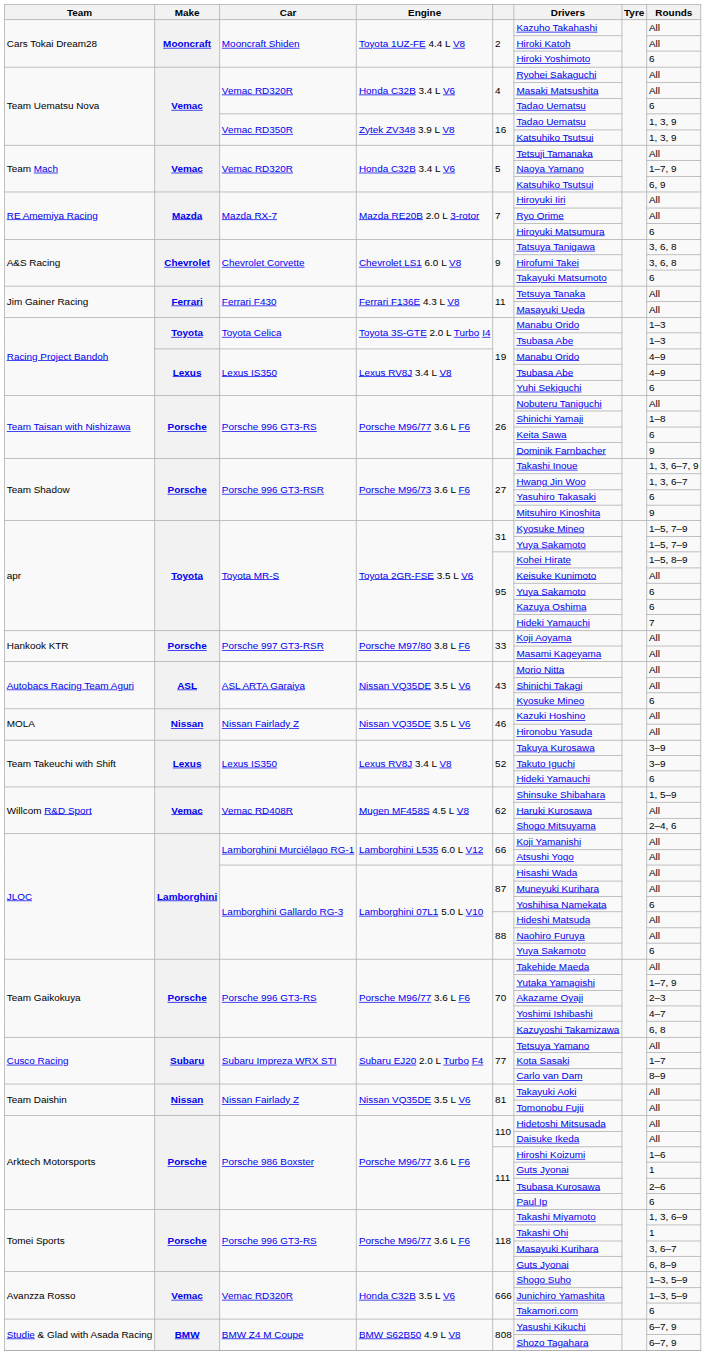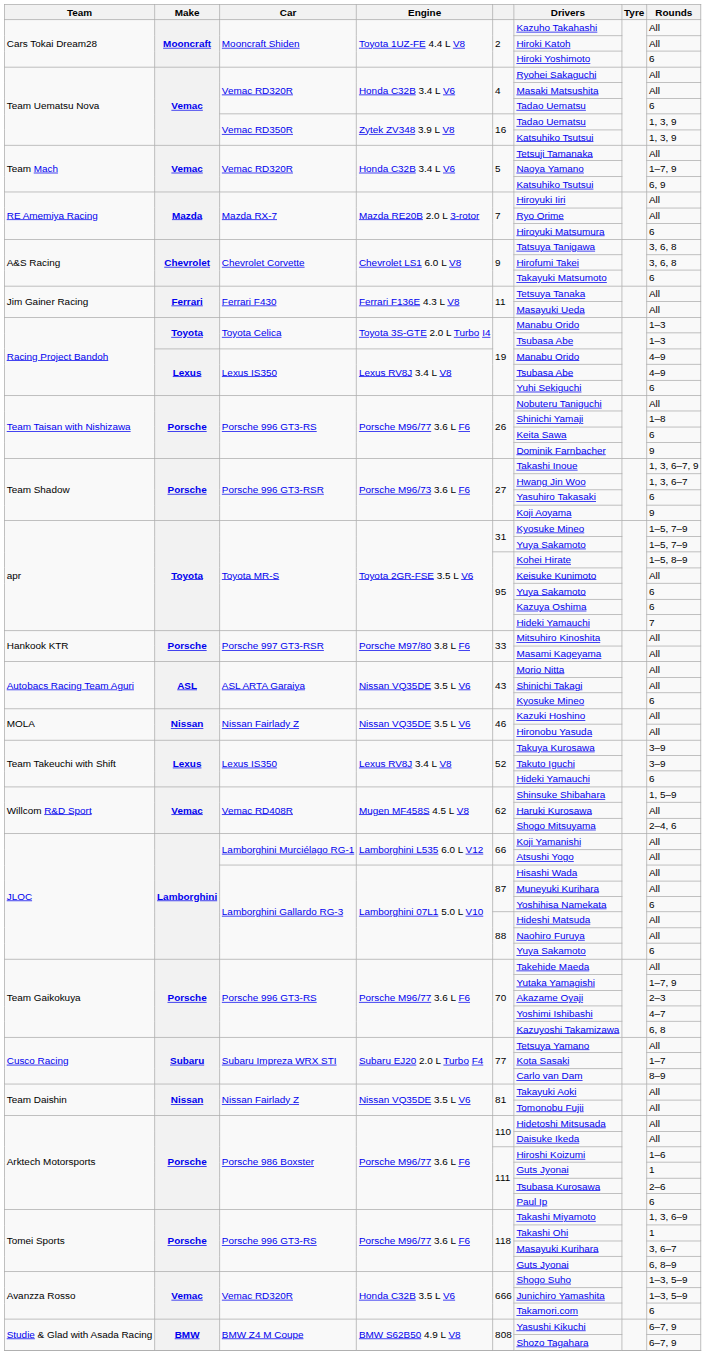 <table class="wikitable" style="font-size: 85%">
 <tr>
 <th>Team</th>
 <th>Make</th>
 <th>Car</th>
 <th>Engine</th>
 <th></th>
 <th>Drivers</th>
 <th>Tyre</th>
 <th>Rounds</th>
 </tr>
 <tr>
 <td rowspan=3>Cars Tokai Dream28</td>
 <th rowspan=3><a href='#'>Mooncraft</a></th>
 <td rowspan=3><a href='#'>Mooncraft Shiden</a></td>
 <td rowspan=3><a href='#'>Toyota 1UZ-FE</a> 4.4 L <a href='#'>V8</a></td>
 <td rowspan=3>2</td>
 <td> <a href='#'>Kazuho Takahashi</a></td>
 <td align=center rowspan=3></td>
 <td>All</td>
 </tr>
 <tr>
 <td> <a href='#'>Hiroki Katoh</a></td>
 <td>All</td>
 </tr>
 <tr>
 <td> <a href='#'>Hiroki Yoshimoto</a></td>
 <td>6</td>
 </tr>
 <tr>
 <td rowspan=5>Team Uematsu Nova</td>
 <th rowspan=5><a href='#'>Vemac</a></th>
 <td rowspan=3><a href='#'>Vemac RD320R</a></td>
 <td rowspan=3><a href='#'>Honda C32B</a> 3.4 L <a href='#'>V6</a></td>
 <td rowspan=3>4</td>
 <td> <a href='#'>Ryohei Sakaguchi</a></td>
 <td rowspan=5 align="center"></td>
 <td>All</td>
 </tr>
 <tr>
 <td> <a href='#'>Masaki Matsushita</a></td>
 <td>All</td>
 </tr>
 <tr>
 <td> <a href='#'>Tadao Uematsu</a></td>
 <td>6</td>
 </tr>
 <tr>
 <td rowspan=2><a href='#'>Vemac RD350R</a></td>
 <td rowspan=2><a href='#'>Zytek ZV348</a> 3.9 L <a href='#'>V8</a></td>
 <td rowspan=2>16</td>
 <td> <a href='#'>Tadao Uematsu</a></td>
 <td>1, 3, 9</td>
 </tr>
 <tr>
 <td> <a href='#'>Katsuhiko Tsutsui</a></td>
 <td>1, 3, 9</td>
 </tr>
 <tr>
 <td rowspan=3>Team <a href='#'>Mach</a></td>
 <th rowspan=3><a href='#'>Vemac</a></th>
 <td rowspan=3><a href='#'>Vemac RD320R</a></td>
 <td rowspan=3><a href='#'>Honda C32B</a> 3.4 L <a href='#'>V6</a></td>
 <td rowspan=3>5</td>
 <td> <a href='#'>Tetsuji Tamanaka</a></td>
 <td align="center" rowspan=3></td>
 <td>All</td>
 </tr>
 <tr>
 <td> <a href='#'>Naoya Yamano</a></td>
 <td>1–7, 9</td>
 </tr>
 <tr>
 <td> <a href='#'>Katsuhiko Tsutsui</a></td>
 <td>6, 9</td>
 </tr>
 <tr>
 <td rowspan=3><a href='#'>RE Amemiya Racing</a></td>
 <th rowspan=3><a href='#'>Mazda</a></th>
 <td rowspan=3><a href='#'>Mazda RX-7</a></td>
 <td rowspan=3><a href='#'>Mazda RE20B</a> 2.0 L <a href='#'>3-rotor</a></td>
 <td rowspan=3>7</td>
 <td> <a href='#'>Hiroyuki Iiri</a></td>
 <td align="center" rowspan=3></td>
 <td>All</td>
 </tr>
 <tr>
 <td> <a href='#'>Ryo Orime</a></td>
 <td>All</td>
 </tr>
 <tr>
 <td> <a href='#'>Hiroyuki Matsumura</a></td>
 <td>6</td>
 </tr>
 <tr>
 <td rowspan=3>A&S Racing</td>
 <th rowspan=3><a href='#'>Chevrolet</a></th>
 <td rowspan=3><a href='#'>Chevrolet Corvette</a></td>
 <td rowspan=3><a href='#'>Chevrolet LS1</a> 6.0 L <a href='#'>V8</a></td>
 <td rowspan=3>9</td>
 <td> <a href='#'>Tatsuya Tanigawa</a></td>
 <td rowspan=3 align="center"></td>
 <td>3, 6, 8</td>
 </tr>
 <tr>
 <td> <a href='#'>Hirofumi Takei</a></td>
 <td>3, 6, 8</td>
 </tr>
 <tr>
 <td> <a href='#'>Takayuki Matsumoto</a></td>
 <td>6</td>
 </tr>
 <tr>
 <td rowspan=2>Jim Gainer Racing</td>
 <th rowspan=2><a href='#'>Ferrari</a></th>
 <td rowspan=2><a href='#'>Ferrari F430</a></td>
 <td rowspan=2><a href='#'>Ferrari F136E</a> 4.3 L <a href='#'>V8</a></td>
 <td rowspan=2>11</td>
 <td> <a href='#'>Tetsuya Tanaka</a></td>
 <td rowspan=2 align="center"></td>
 <td>All</td>
 </tr>
 <tr>
 <td> <a href='#'>Masayuki Ueda</a></td>
 <td>All</td>
 </tr>
 <tr>
 <td rowspan=5><a href='#'>Racing Project Bandoh</a></td>
 <th rowspan=2><a href='#'>Toyota</a></th>
 <td rowspan=2><a href='#'>Toyota Celica</a></td>
 <td rowspan=2><a href='#'>Toyota 3S-GTE</a> 2.0 L <a href='#'>Turbo</a> <a href='#'>I4</a></td>
 <td rowspan=5>19</td>
 <td> <a href='#'>Manabu Orido</a></td>
 <td rowspan=5 align="center"></td>
 <td>1–3</td>
 </tr>
 <tr>
 <td> <a href='#'>Tsubasa Abe</a></td>
 <td>1–3</td>
 </tr>
 <tr>
 <th rowspan=3><a href='#'>Lexus</a></th>
 <td rowspan=3><a href='#'>Lexus IS350</a></td>
 <td rowspan=3><a href='#'>Lexus RV8J</a> 3.4 L <a href='#'>V8</a></td>
 <td> <a href='#'>Manabu Orido</a></td>
 <td>4–9</td>
 </tr>
 <tr>
 <td> <a href='#'>Tsubasa Abe</a></td>
 <td>4–9</td>
 </tr>
 <tr>
 <td> <a href='#'>Yuhi Sekiguchi</a></td>
 <td>6</td>
 </tr>
 <tr>
 <td rowspan=4><a href='#'>Team Taisan with Nishizawa</a></td>
 <th rowspan=4><a href='#'>Porsche</a></th>
 <td rowspan=4><a href='#'>Porsche 996 GT3-RS</a></td>
 <td rowspan=4><a href='#'>Porsche M96/77</a> 3.6 L <a href='#'>F6</a></td>
 <td rowspan=4>26</td>
 <td> <a href='#'>Nobuteru Taniguchi</a></td>
 <td rowspan=4 align="center"></td>
 <td>All</td>
 </tr>
 <tr>
 <td> <a href='#'>Shinichi Yamaji</a></td>
 <td>1–8</td>
 </tr>
 <tr>
 <td> <a href='#'>Keita Sawa</a></td>
 <td>6</td>
 </tr>
 <tr>
 <td> <a href='#'>Dominik Farnbacher</a></td>
 <td>9</td>
 </tr>
 <tr>
 <td rowspan=4>Team Shadow</td>
 <th rowspan=4><a href='#'>Porsche</a></th>
 <td rowspan=4><a href='#'>Porsche 996 GT3-RSR</a></td>
 <td rowspan=4><a href='#'>Porsche M96/73</a> 3.6 L <a href='#'>F6</a></td>
 <td rowspan=4>27</td>
 <td> <a href='#'>Takashi Inoue</a></td>
 <td rowspan=4 align="center"></td>
 <td>1, 3, 6–7, 9</td>
 </tr>
 <tr>
 <td> <a href='#'>Hwang Jin Woo</a></td>
 <td>1, 3, 6–7</td>
 </tr>
 <tr>
 <td> <a href='#'>Yasuhiro Takasaki</a></td>
 <td>6</td>
 </tr>
 <tr>
-<td> <a href='#'>Mitsuhiro Kinoshita</a></td>
+<td> <a href='#'>Koji Aoyama</a></td>
 <td>9</td>
 </tr>
 <tr>
 <td rowspan=7>apr</td>
 <th rowspan=7><a href='#'>Toyota</a></th>
 <td rowspan=7><a href='#'>Toyota MR-S</a></td>
 <td rowspan=7><a href='#'>Toyota 2GR-FSE</a> 3.5 L <a href='#'>V6</a></td>
 <td rowspan=2>31</td>
 <td> <a href='#'>Kyosuke Mineo</a></td>
 <td rowspan=7 align="center"></td>
 <td>1–5, 7–9</td>
 </tr>
 <tr>
 <td> <a href='#'>Yuya Sakamoto</a></td>
 <td>1–5, 7–9</td>
 </tr>
 <tr>
 <td rowspan=5>95</td>
 <td> <a href='#'>Kohei Hirate</a></td>
 <td>1–5, 8–9</td>
 </tr>
 <tr>
 <td> <a href='#'>Keisuke Kunimoto</a></td>
 <td>All</td>
 </tr>
 <tr>
 <td> <a href='#'>Yuya Sakamoto</a></td>
 <td>6</td>
 </tr>
 <tr>
 <td> <a href='#'>Kazuya Oshima</a></td>
 <td>6</td>
 </tr>
 <tr>
 <td> <a href='#'>Hideki Yamauchi</a></td>
 <td>7</td>
 </tr>
 <tr>
 <td rowspan=2>Hankook KTR</td>
 <th rowspan=2><a href='#'>Porsche</a></th>
 <td rowspan=2><a href='#'>Porsche 997 GT3-RSR</a></td>
 <td rowspan=2><a href='#'>Porsche M97/80</a> 3.8 L <a href='#'>F6</a></td>
 <td rowspan=2>33</td>
-<td> <a href='#'>Koji Aoyama</a></td>
+<td> <a href='#'>Mitsuhiro Kinoshita</a></td>
 <td rowspan=2 align="center"></td>
 <td>All</td>
 </tr>
 <tr>
 <td> <a href='#'>Masami Kageyama</a></td>
 <td>All</td>
 </tr>
 <tr>
 <td rowspan=3><a href='#'>Autobacs Racing Team Aguri</a></td>
 <th rowspan=3><a href='#'>ASL</a></th>
 <td rowspan=3><a href='#'>ASL ARTA Garaiya</a></td>
 <td rowspan=3><a href='#'>Nissan VQ35DE</a> 3.5 L <a href='#'>V6</a></td>
 <td rowspan=3>43</td>
 <td> <a href='#'>Morio Nitta</a></td>
 <td rowspan=3 align="center"></td>
 <td>All</td>
 </tr>
 <tr>
 <td> <a href='#'>Shinichi Takagi</a></td>
 <td>All</td>
 </tr>
 <tr>
 <td> <a href='#'>Kyosuke Mineo</a></td>
 <td>6</td>
 </tr>
 <tr>
 <td rowspan=2>MOLA</td>
 <th rowspan=2><a href='#'>Nissan</a></th>
 <td rowspan=2><a href='#'>Nissan Fairlady Z</a></td>
 <td rowspan=2><a href='#'>Nissan VQ35DE</a> 3.5 L <a href='#'>V6</a></td>
 <td rowspan=2>46</td>
 <td> <a href='#'>Kazuki Hoshino</a></td>
 <td rowspan=2 align="center"></td>
 <td>All</td>
 </tr>
 <tr>
 <td> <a href='#'>Hironobu Yasuda</a></td>
 <td>All</td>
 </tr>
 <tr>
 <td rowspan=3>Team Takeuchi with Shift</td>
 <th rowspan=3><a href='#'>Lexus</a></th>
 <td rowspan=3><a href='#'>Lexus IS350</a></td>
 <td rowspan=3><a href='#'>Lexus RV8J</a> 3.4 L <a href='#'>V8</a></td>
 <td rowspan=3>52</td>
 <td> <a href='#'>Takuya Kurosawa</a></td>
 <td rowspan=3 align="center"></td>
 <td>3–9</td>
 </tr>
 <tr>
 <td> <a href='#'>Takuto Iguchi</a></td>
 <td>3–9</td>
 </tr>
 <tr>
 <td> <a href='#'>Hideki Yamauchi</a></td>
 <td>6</td>
 </tr>
 <tr>
 <td rowspan=3>Willcom <a href='#'>R&D Sport</a></td>
 <th rowspan=3><a href='#'>Vemac</a></th>
 <td rowspan=3><a href='#'>Vemac RD408R</a></td>
 <td rowspan=3><a href='#'>Mugen MF458S</a> 4.5 L <a href='#'>V8</a></td>
 <td rowspan=3>62</td>
 <td> <a href='#'>Shinsuke Shibahara</a></td>
 <td rowspan=3 align="center"></td>
 <td>1, 5–9</td>
 </tr>
 <tr>
 <td> <a href='#'>Haruki Kurosawa</a></td>
 <td>All</td>
 </tr>
 <tr>
 <td> <a href='#'>Shogo Mitsuyama</a></td>
 <td>2–4, 6</td>
 </tr>
 <tr>
 <td rowspan=8><a href='#'>JLOC</a></td>
 <th rowspan=8><a href='#'>Lamborghini</a></th>
 <td rowspan=2><a href='#'>Lamborghini Murciélago RG-1</a></td>
 <td rowspan=2><a href='#'>Lamborghini L535</a> 6.0 L <a href='#'>V12</a></td>
 <td rowspan=2>66</td>
 <td> <a href='#'>Koji Yamanishi</a></td>
 <td rowspan=8 align="center"></td>
 <td>All</td>
 </tr>
 <tr>
 <td> <a href='#'>Atsushi Yogo</a></td>
 <td>All</td>
 </tr>
 <tr>
 <td rowspan=6><a href='#'>Lamborghini Gallardo RG-3</a></td>
 <td rowspan=6><a href='#'>Lamborghini 07L1</a> 5.0 L <a href='#'>V10</a></td>
 <td rowspan=3>87</td>
 <td> <a href='#'>Hisashi Wada</a></td>
 <td>All</td>
 </tr>
 <tr>
 <td> <a href='#'>Muneyuki Kurihara</a></td>
 <td>All</td>
 </tr>
 <tr>
 <td> <a href='#'>Yoshihisa Namekata</a></td>
 <td>6</td>
 </tr>
 <tr>
 <td rowspan=3>88</td>
 <td> <a href='#'>Hideshi Matsuda</a></td>
 <td>All</td>
 </tr>
 <tr>
 <td> <a href='#'>Naohiro Furuya</a></td>
 <td>All</td>
 </tr>
 <tr>
 <td> <a href='#'>Yuya Sakamoto</a></td>
 <td>6</td>
 </tr>
 <tr>
 <td rowspan=5>Team Gaikokuya</td>
 <th rowspan=5><a href='#'>Porsche</a></th>
 <td rowspan=5><a href='#'>Porsche 996 GT3-RS</a></td>
 <td rowspan=5><a href='#'>Porsche M96/77</a> 3.6 L <a href='#'>F6</a></td>
 <td rowspan=5>70</td>
 <td> <a href='#'>Takehide Maeda</a></td>
 <td rowspan=5 align="center"></td>
 <td>All</td>
 </tr>
 <tr>
 <td> <a href='#'>Yutaka Yamagishi</a></td>
 <td>1–7, 9</td>
 </tr>
 <tr>
 <td> <a href='#'>Akazame Oyaji</a></td>
 <td>2–3</td>
 </tr>
 <tr>
 <td> <a href='#'>Yoshimi Ishibashi</a></td>
 <td>4–7</td>
 </tr>
 <tr>
 <td> <a href='#'>Kazuyoshi Takamizawa</a></td>
 <td>6, 8</td>
 </tr>
 <tr>
 <td rowspan=3><a href='#'>Cusco Racing</a></td>
 <th rowspan=3><a href='#'>Subaru</a></th>
 <td rowspan=3><a href='#'>Subaru Impreza WRX STI</a></td>
 <td rowspan=3><a href='#'>Subaru EJ20</a> 2.0 L <a href='#'>Turbo</a> <a href='#'>F4</a></td>
 <td rowspan=3>77</td>
 <td> <a href='#'>Tetsuya Yamano</a></td>
 <td rowspan=3 align="center"></td>
 <td>All</td>
 </tr>
 <tr>
 <td> <a href='#'>Kota Sasaki</a></td>
 <td>1–7</td>
 </tr>
 <tr>
 <td> <a href='#'>Carlo van Dam</a></td>
 <td>8–9</td>
 </tr>
 <tr>
 <td rowspan=2>Team Daishin</td>
 <th rowspan=2><a href='#'>Nissan</a></th>
 <td rowspan=2><a href='#'>Nissan Fairlady Z</a></td>
 <td rowspan=2><a href='#'>Nissan VQ35DE</a> 3.5 L <a href='#'>V6</a></td>
 <td rowspan=2>81</td>
 <td> <a href='#'>Takayuki Aoki</a></td>
 <td rowspan=2 align="center"></td>
 <td>All</td>
 </tr>
 <tr>
 <td> <a href='#'>Tomonobu Fujii</a></td>
 <td>All</td>
 </tr>
 <tr>
 <td rowspan=6>Arktech Motorsports</td>
 <th rowspan=6><a href='#'>Porsche</a></th>
 <td rowspan=6><a href='#'>Porsche 986 Boxster</a></td>
 <td rowspan=6><a href='#'>Porsche M96/77</a> 3.6 L <a href='#'>F6</a></td>
 <td rowspan=2>110</td>
 <td> <a href='#'>Hidetoshi Mitsusada</a></td>
 <td rowspan=6 align="center"></td>
 <td>All</td>
 </tr>
 <tr>
 <td> <a href='#'>Daisuke Ikeda</a></td>
 <td>All</td>
 </tr>
 <tr>
 <td rowspan=4>111</td>
 <td> <a href='#'>Hiroshi Koizumi</a></td>
 <td>1–6</td>
 </tr>
 <tr>
 <td> <a href='#'>Guts Jyonai</a></td>
 <td>1</td>
 </tr>
 <tr>
 <td> <a href='#'>Tsubasa Kurosawa</a></td>
 <td>2–6</td>
 </tr>
 <tr>
 <td> <a href='#'>Paul Ip</a></td>
 <td>6</td>
 </tr>
 <tr>
 <td rowspan=4>Tomei Sports</td>
 <th rowspan=4><a href='#'>Porsche</a></th>
 <td rowspan=4><a href='#'>Porsche 996 GT3-RS</a></td>
 <td rowspan=4><a href='#'>Porsche M96/77</a> 3.6 L <a href='#'>F6</a></td>
 <td rowspan=4>118</td>
 <td> <a href='#'>Takashi Miyamoto</a></td>
 <td rowspan=4 align="center"></td>
 <td>1, 3, 6–9</td>
 </tr>
 <tr>
 <td> <a href='#'>Takashi Ohi</a></td>
 <td>1</td>
 </tr>
 <tr>
 <td> <a href='#'>Masayuki Kurihara</a></td>
 <td>3, 6–7</td>
 </tr>
 <tr>
 <td> <a href='#'>Guts Jyonai</a></td>
 <td>6, 8–9</td>
 </tr>
 <tr>
 <td rowspan=3>Avanzza Rosso</td>
 <th rowspan=3><a href='#'>Vemac</a></th>
 <td rowspan=3><a href='#'>Vemac RD320R</a></td>
 <td rowspan=3><a href='#'>Honda C32B</a> 3.5 L <a href='#'>V6</a></td>
 <td rowspan=3>666</td>
 <td> <a href='#'>Shogo Suho</a></td>
 <td rowspan=3 align="center"></td>
 <td>1–3, 5–9</td>
 </tr>
 <tr>
 <td> <a href='#'>Junichiro Yamashita</a></td>
 <td>1–3, 5–9</td>
 </tr>
 <tr>
 <td> <a href='#'>Takamori.com</a></td>
 <td>6</td>
 </tr>
 <tr>
 <td rowspan=2><a href='#'>Studie</a> & Glad with Asada Racing</td>
 <th rowspan=2><a href='#'>BMW</a></th>
 <td rowspan=2><a href='#'>BMW Z4 M Coupe</a></td>
 <td rowspan=2><a href='#'>BMW S62B50</a> 4.9 L <a href='#'>V8</a></td>
 <td rowspan=2>808</td>
 <td> <a href='#'>Yasushi Kikuchi</a></td>
 <td rowspan=2 align="center"></td>
 <td>6–7, 9</td>
 </tr>
 <tr>
 <td> <a href='#'>Shozo Tagahara</a></td>
 <td>6–7, 9</td>
 </tr>
 <tr>
 </tr>
 </table>
